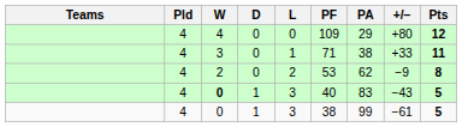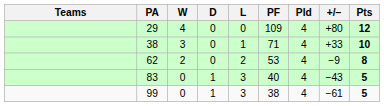 <table class="wikitable" style="text-align:center;">
 <tr>
 <th width="200">Teams</th>
-<th width="40">Pld</th>
+<th width="40">PA</th>
 <th width="40">W</th>
 <th width="40">D</th>
 <th width="40">L</th>
 <th width="40">PF</th>
-<th width="40">PA</th>
+<th width="40">Pld</th>
 <th width="40">+/−</th>
 <th width="40">Pts</th>
 </tr>
 <tr bgcolor=ccffcc>
 <td align=left></td>
-<td>4</td>
+<td>29</td>
 <td>4</td>
 <td>0</td>
 <td>0</td>
 <td>109</td>
-<td>29</td>
+<td>4</td>
 <td>+80</td>
 <td><strong>12</strong></td>
 </tr>
 <tr bgcolor=ccffcc>
 <td align=left></td>
-<td>4</td>
+<td>38</td>
 <td>3</td>
 <td>0</td>
 <td>1</td>
 <td>71</td>
-<td>38</td>
+<td>4</td>
 <td>+33</td>
-<td><strong>11</strong></td>
+<td><strong>10</strong></td>
 </tr>
 <tr bgcolor=ccffcc>
 <td align=left></td>
-<td>4</td>
+<td>62</td>
 <td>2</td>
 <td>0</td>
 <td>2</td>
 <td>53</td>
-<td>62</td>
+<td>4</td>
 <td>−9</td>
 <td><strong>8</strong></td>
 </tr>
 <tr bgcolor=ccffcc>
 <td align=left></td>
-<td>4</td>
-<td><strong>0</strong></td>
+<td>83</td>
+<td>0</td>
 <td>1</td>
 <td>3</td>
 <td>40</td>
-<td>83</td>
+<td>4</td>
 <td>−43</td>
 <td><strong>5</strong></td>
 </tr>
 <tr>
 <td align=left></td>
-<td>4</td>
+<td>99</td>
 <td>0</td>
 <td>1</td>
 <td>3</td>
 <td>38</td>
-<td>99</td>
+<td>4</td>
 <td>−61</td>
 <td><strong>5</strong></td>
 </tr>
 </table>
